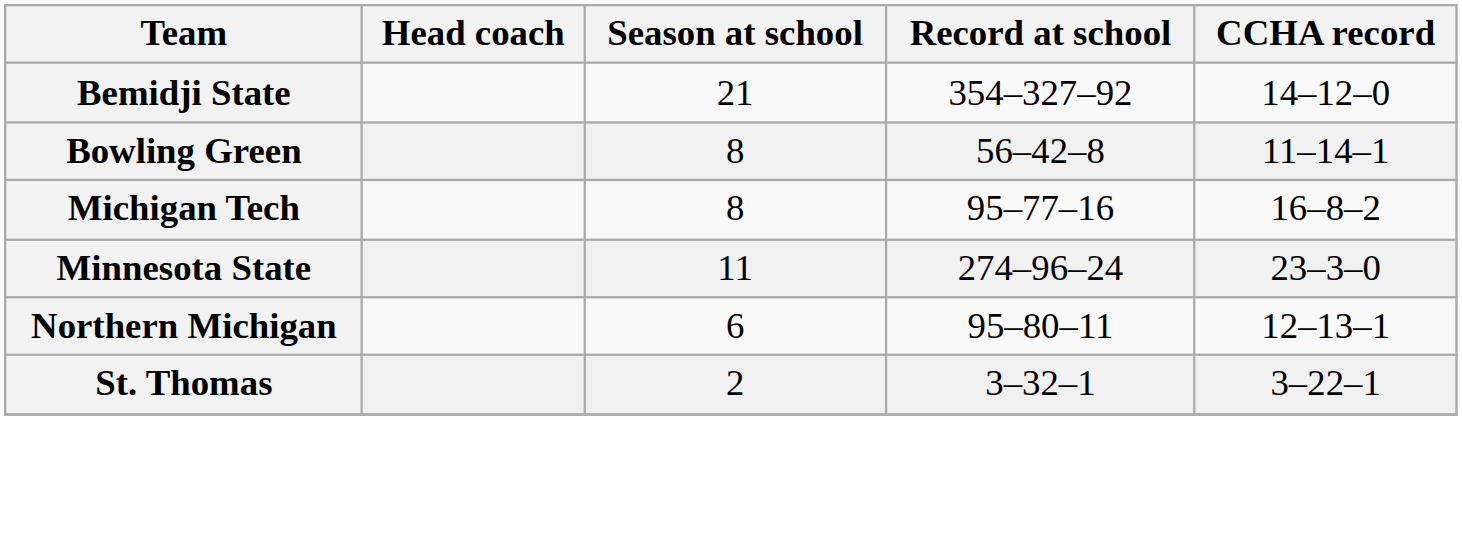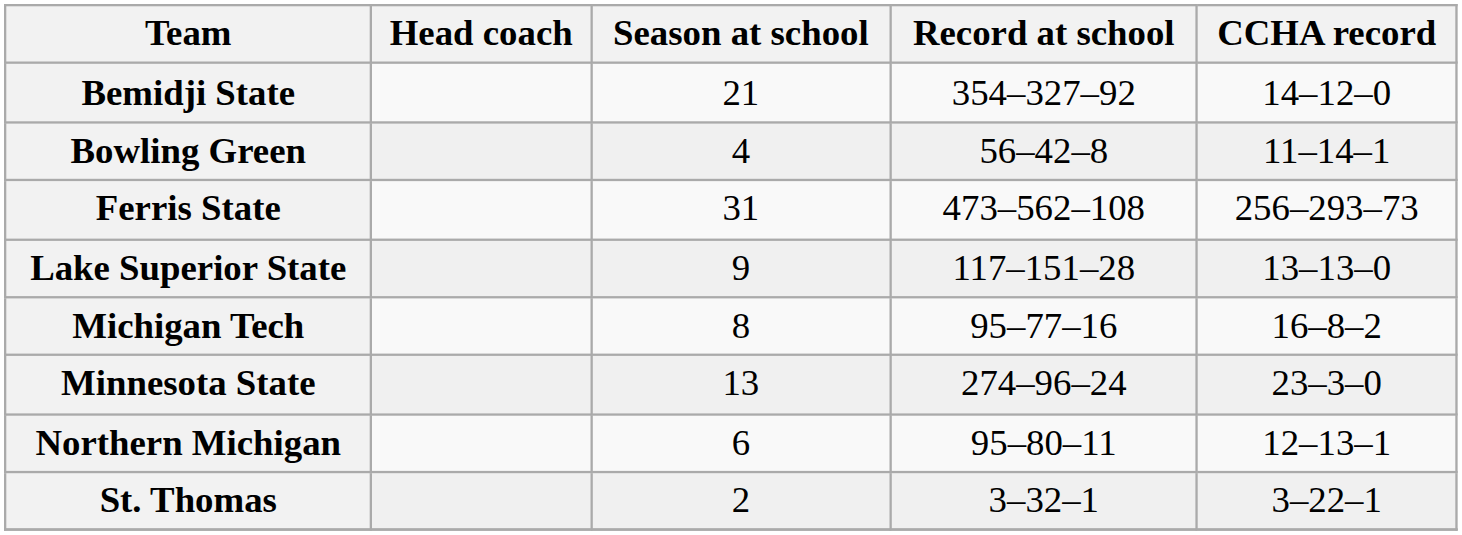 <table class="wikitable sortable" style="text-align: center; "width=50%">
 <tr>
 <th>Team</th>
 <th>Head coach</th>
 <th>Season at school</th>
 <th>Record at school</th>
 <th>CCHA record</th>
 </tr>
 <tr>
 <th>Bemidji State</th>
 <td></td>
 <td>21</td>
 <td>354–327–92</td>
 <td>14–12–0</td>
 </tr>
 <tr bgcolor=f0f0f0>
 <th>Bowling Green</th>
 <td></td>
-<td>8</td>
+<td>4</td>
 <td>56–42–8</td>
 <td>11–14–1</td>
+</tr>
+<tr>
+<th>Ferris State</th>
+<td></td>
+<td>31</td>
+<td>473–562–108</td>
+<td>256–293–73</td>
+</tr>
+<tr bgcolor=f0f0f0>
+<th>Lake Superior State</th>
+<td></td>
+<td>9</td>
+<td>117–151–28</td>
+<td>13–13–0</td>
 </tr>
 <tr>
 <th>Michigan Tech</th>
 <td></td>
 <td>8</td>
 <td>95–77–16</td>
 <td>16–8–2</td>
 </tr>
 <tr bgcolor=f0f0f0>
 <th>Minnesota State</th>
 <td></td>
-<td>11</td>
+<td>13</td>
 <td>274–96–24</td>
 <td>23–3–0</td>
 </tr>
 <tr>
 <th>Northern Michigan</th>
 <td></td>
 <td>6</td>
 <td>95–80–11</td>
 <td>12–13–1</td>
 </tr>
 <tr bgcolor=f0f0f0>
 <th>St. Thomas</th>
 <td></td>
 <td>2</td>
 <td>3–32–1</td>
 <td>3–22–1</td>
 </tr>
 <tr>
 </tr>
 </table>
